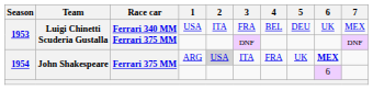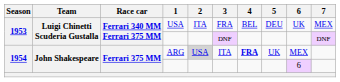 <table class="wikitable" style="text-align:center; font-size:85%;">
 <tr class="background color5">
 <th>Season</th>
 <th>Team</th>
 <th>Race car</th>
 <th style="width:2.5em">1</th>
 <th style="width:2.5em">2</th>
 <th style="width:2.5em">3</th>
 <th style="width:2.5em">4</th>
 <th style="width:2.5em">5</th>
 <th style="width:2.5em">6</th>
 <th style="width:2.5em">7</th>
 </tr>
 <tr>
 <th rowspan="2"><a href='#'>1953</a></th>
 <th rowspan="2">Luigi Chinetti<br>Scuderia Gustalla</th>
 <th rowspan="2"><a href='#'>Ferrari 340 MM</a><br><a href='#'>Ferrari 375 MM</a></th>
 <td><a href='#'>USA</a></td>
 <td><a href='#'>ITA</a></td>
 <td><a href='#'>FRA</a></td>
 <td><a href='#'>BEL</a></td>
 <td><a href='#'>DEU</a></td>
 <td><a href='#'>UK</a></td>
 <td><a href='#'>MEX</a></td>
 </tr>
 <tr>
 <td></td>
 <td></td>
 <td style="background:#EFCFFF;"><small>DNF</small></td>
 <td></td>
 <td></td>
 <td></td>
 <td style="background:#EFCFFF;"><small>DNF</small></td>
 </tr>
 <tr>
 <th rowspan="2"><a href='#'>1954</a></th>
 <th rowspan="2">John Shakespeare</th>
 <th rowspan="2"><a href='#'>Ferrari 375 MM</a></th>
 <td><a href='#'>ARG</a></td>
 <td style="background: lightgrey;"><a href='#'>USA</a></td>
 <td><a href='#'>ITA</a></td>
-<td><a href='#'>FRA</a></td>
+<td><strong><a href='#'>FRA</a></strong></td>
 <td><a href='#'>UK</a></td>
-<td><strong><a href='#'>MEX</a></strong></td>
+<td><a href='#'>MEX</a></td>
 <td></td>
 </tr>
 <tr>
 <td></td>
 <td></td>
 <td></td>
 <td></td>
 <td></td>
 <td style="background:#EFCFFF;">6</td>
 <td></td>
 </tr>
 <tr>
 <th colspan="10"></th>
 </tr>
 </table>
